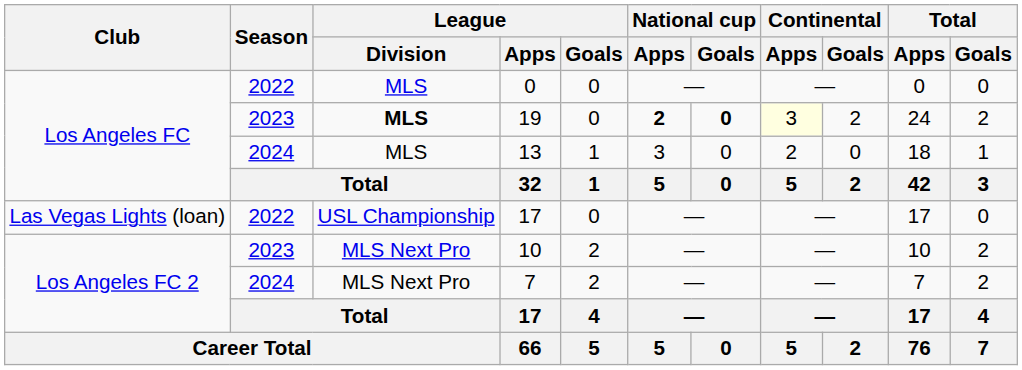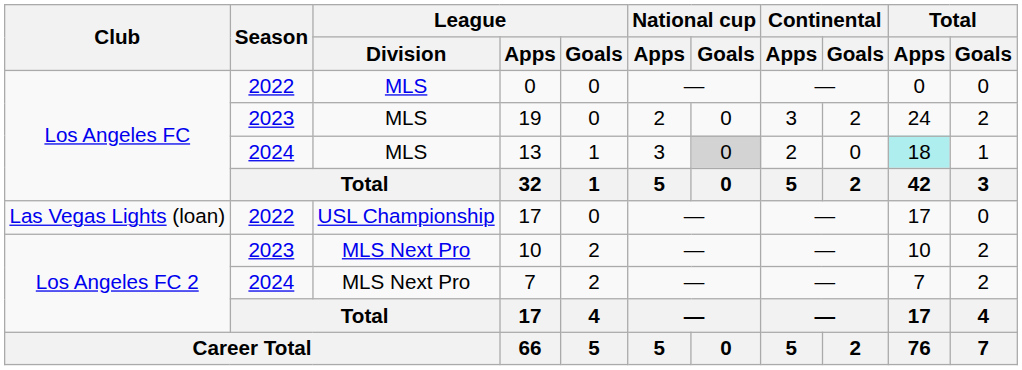 <table class="wikitable" style="text-align: center;">
 <tr>
 <th rowspan="2">Club</th>
 <th rowspan="2">Season</th>
 <th colspan="3">League</th>
 <th colspan="2">National cup</th>
 <th colspan="2">Continental</th>
 <th colspan="2">Total</th>
 </tr>
 <tr>
 <th>Division</th>
 <th>Apps</th>
 <th>Goals</th>
 <th>Apps</th>
 <th>Goals</th>
 <th>Apps</th>
 <th>Goals</th>
 <th>Apps</th>
 <th>Goals</th>
 </tr>
 <tr>
 <td rowspan="4"><a href='#'>Los Angeles FC</a></td>
 <td><a href='#'>2022</a></td>
 <td><a href='#'>MLS</a></td>
 <td>0</td>
 <td>0</td>
 <td colspan="2">—</td>
 <td colspan="2">—</td>
 <td>0</td>
 <td>0</td>
 </tr>
 <tr>
 <td><a href='#'>2023</a></td>
-<td><strong>MLS</strong></td>
+<td>MLS</td>
 <td>19</td>
 <td>0</td>
-<td><strong>2</strong></td>
-<td><strong>0</strong></td>
-<td style="background: lightyellow;">3</td>
+<td>2</td>
+<td>0</td>
+<td>3</td>
 <td>2</td>
 <td>24</td>
 <td>2</td>
 </tr>
 <tr>
 <td><a href='#'>2024</a></td>
 <td>MLS</td>
 <td>13</td>
 <td>1</td>
 <td>3</td>
-<td>0</td>
+<td style="background: lightgrey;">0</td>
 <td>2</td>
 <td>0</td>
-<td>18</td>
+<td style="background: paleturquoise;">18</td>
 <td>1</td>
 </tr>
 <tr>
 <th colspan="2">Total</th>
 <th>32</th>
 <th>1</th>
 <th>5</th>
 <th>0</th>
 <th>5</th>
 <th>2</th>
 <th>42</th>
 <th>3</th>
 </tr>
 <tr>
 <td><a href='#'>Las Vegas Lights</a> (loan)</td>
 <td><a href='#'>2022</a></td>
 <td><a href='#'>USL Championship</a></td>
 <td>17</td>
 <td>0</td>
 <td colspan="2">—</td>
 <td colspan="2">—</td>
 <td>17</td>
 <td>0</td>
 </tr>
 <tr>
 <td rowspan="3"><a href='#'>Los Angeles FC 2</a></td>
 <td><a href='#'>2023</a></td>
 <td><a href='#'>MLS Next Pro</a></td>
 <td>10</td>
 <td>2</td>
 <td colspan="2">—</td>
 <td colspan="2">—</td>
 <td>10</td>
 <td>2</td>
 </tr>
 <tr>
 <td><a href='#'>2024</a></td>
 <td>MLS Next Pro</td>
 <td>7</td>
 <td>2</td>
 <td colspan="2">—</td>
 <td colspan="2">—</td>
 <td>7</td>
 <td>2</td>
 </tr>
 <tr>
 <th colspan="2">Total</th>
 <th>17</th>
 <th>4</th>
 <th colspan="2">—</th>
 <th colspan="2">—</th>
 <th>17</th>
 <th>4</th>
 </tr>
 <tr>
 <th colspan="3">Career Total</th>
 <th>66</th>
 <th>5</th>
 <th>5</th>
 <th>0</th>
 <th>5</th>
 <th>2</th>
 <th>76</th>
 <th>7</th>
 </tr>
 </table>
